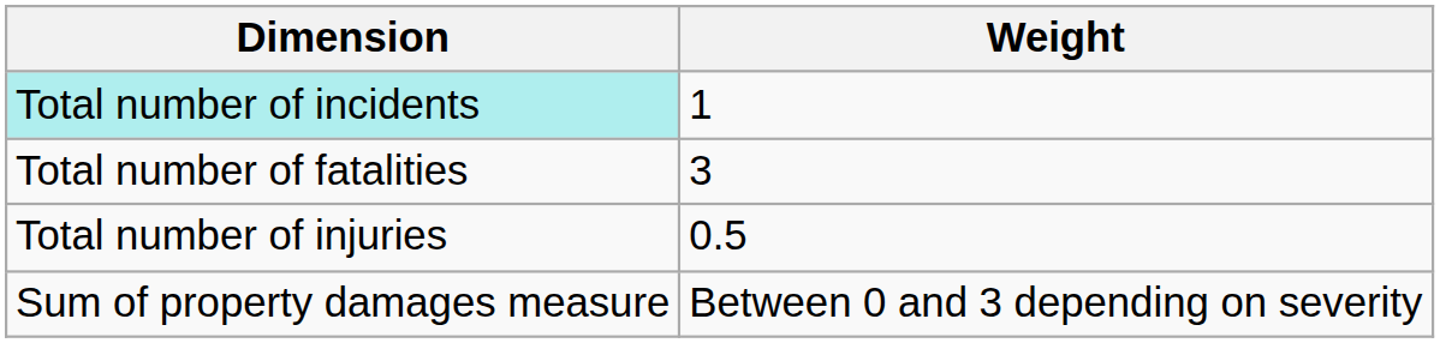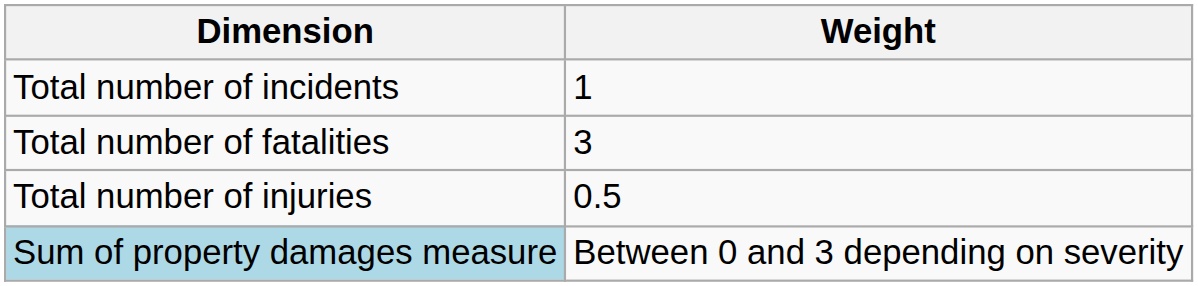 <table class="wikitable">
 <tr>
 <th>Dimension</th>
 <th>Weight</th>
 </tr>
 <tr>
-<td style="background: paleturquoise;">Total number of incidents</td>
+<td>Total number of incidents</td>
 <td>1</td>
 </tr>
 <tr>
 <td>Total number of fatalities</td>
 <td>3</td>
 </tr>
 <tr>
 <td>Total number of injuries</td>
 <td>0.5</td>
 </tr>
 <tr>
-<td>Sum of property damages measure</td>
+<td style="background: lightblue;">Sum of property damages measure</td>
 <td>Between 0 and 3 depending on severity</td>
 </tr>
 </table>
